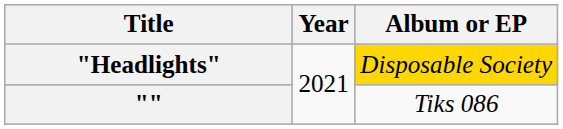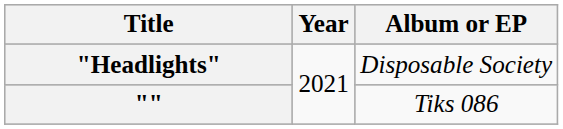 <table class="wikitable plainrowheaders" style="text-align:center;">
 <tr>
 <th scope="col" style="width:11em;">Title</th>
 <th scope="col">Year</th>
 <th scope="col">Album or EP</th>
 </tr>
 <tr>
 <th scope="row">"Headlights"<br></th>
 <td rowspan="2">2021</td>
-<td style="background: gold;"><em>Disposable Society</em></td>
+<td><em>Disposable Society</em></td>
 </tr>
 <tr>
 <th scope="row">""<br></th>
 <td><em>Tiks 086</em></td>
 </tr>
 </table>
